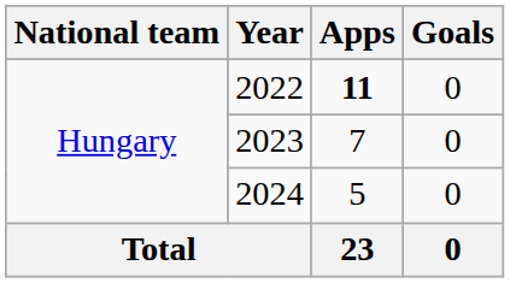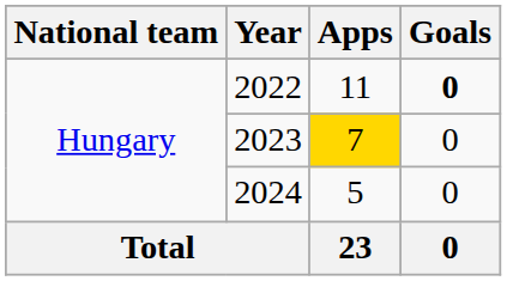 <table class="wikitable" style="text-align:center">
 <tr>
 <th>National team</th>
 <th>Year</th>
 <th>Apps</th>
 <th>Goals</th>
 </tr>
 <tr>
 <td rowspan="3"><a href='#'>Hungary</a></td>
 <td>2022</td>
-<td><strong>11</strong></td>
-<td>0</td>
+<td>11</td>
+<td><strong>0</strong></td>
 </tr>
 <tr>
 <td>2023</td>
-<td>7</td>
+<td style="background: gold;">7</td>
 <td>0</td>
 </tr>
 <tr>
 <td>2024</td>
 <td>5</td>
 <td>0</td>
 </tr>
 <tr>
 <th colspan="2">Total</th>
 <th>23</th>
 <th>0</th>
 </tr>
 </table>
